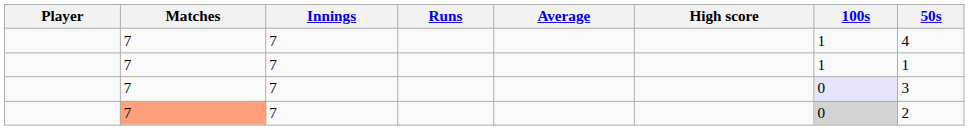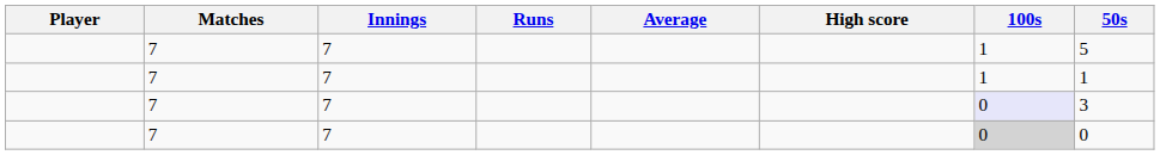 <table class="wikitable sortable" style="width:80%;">
 <tr>
 <th>Player</th>
 <th>Matches</th>
 <th><a href='#'>Innings</a></th>
 <th><a href='#'>Runs</a></th>
 <th><a href='#'>Average</a></th>
 <th>High score</th>
 <th><a href='#'>100s</a></th>
 <th><a href='#'>50s</a></th>
 </tr>
 <tr>
 <td></td>
 <td>7</td>
 <td>7</td>
 <td></td>
 <td></td>
 <td></td>
 <td>1</td>
-<td>4</td>
+<td>5</td>
 </tr>
 <tr>
 <td></td>
 <td>7</td>
 <td>7</td>
 <td></td>
 <td></td>
 <td></td>
 <td>1</td>
 <td>1</td>
 </tr>
 <tr>
 <td></td>
 <td>7</td>
 <td>7</td>
 <td></td>
 <td></td>
 <td></td>
 <td style="background: lavender;">0</td>
 <td>3</td>
 </tr>
 <tr>
 <td></td>
-<td style="background: lightsalmon;">7</td>
+<td>7</td>
 <td>7</td>
 <td></td>
 <td></td>
 <td></td>
 <td style="background: lightgrey;">0</td>
-<td>2</td>
+<td>0</td>
 </tr>
 </table>
